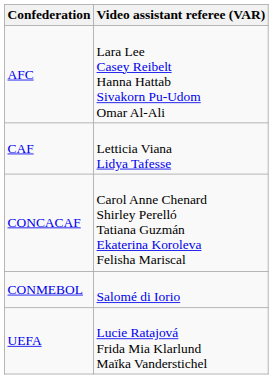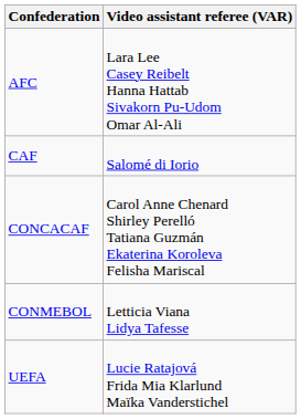 <table class="wikitable">
 <tr>
 <th>Confederation</th>
 <th>Video assistant referee (VAR)</th>
 </tr>
 <tr>
 <td><a href='#'>AFC</a></td>
 <td><br> Lara Lee<br>  <a href='#'>Casey Reibelt</a><br>  Hanna Hattab<br>  <a href='#'>Sivakorn Pu-Udom</a><br>  Omar Al-Ali</td>
 </tr>
 <tr>
 <td><a href='#'>CAF</a></td>
-<td><br> Letticia Viana<br>  <a href='#'>Lidya Tafesse</a></td>
+<td><br> <a href='#'>Salomé di Iorio</a></td>
 </tr>
 <tr>
 <td><a href='#'>CONCACAF</a></td>
 <td><br> Carol Anne Chenard<br>  Shirley Perelló<br>  Tatiana Guzmán<br>  <a href='#'>Ekaterina Koroleva</a><br>  Felisha Mariscal</td>
 </tr>
 <tr>
 <td><a href='#'>CONMEBOL</a></td>
-<td><br> <a href='#'>Salomé di Iorio</a></td>
+<td><br> Letticia Viana<br>  <a href='#'>Lidya Tafesse</a></td>
 </tr>
 <tr>
 <td><a href='#'>UEFA</a></td>
 <td><br> <a href='#'>Lucie Ratajová</a><br>  Frida Mia Klarlund<br>  Maïka Vanderstichel</td>
 </tr>
 </table>
